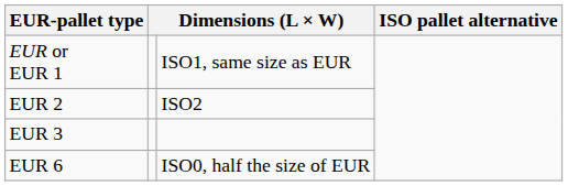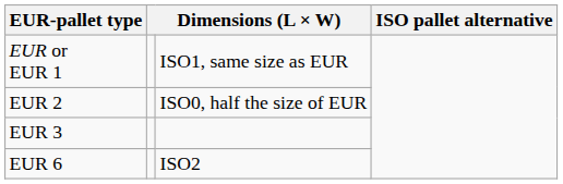 <table class="wikitable">
 <tr>
 <th>EUR-pallet type</th>
 <th colspan="2">Dimensions (L × W)</th>
 <th>ISO pallet alternative</th>
 </tr>
 <tr>
 <td><em>EUR </em>or<br>EUR 1</td>
 <td></td>
 <td>ISO1, same size as EUR</td>
 </tr>
 <tr>
 <td>EUR 2</td>
 <td></td>
-<td>ISO2</td>
+<td>ISO0, half the size of EUR</td>
 </tr>
 <tr>
 <td>EUR 3</td>
 <td></td>
 <td></td>
 </tr>
 <tr>
 <td>EUR 6</td>
 <td></td>
-<td>ISO0, half the size of EUR</td>
+<td>ISO2</td>
 </tr>
 </table>
